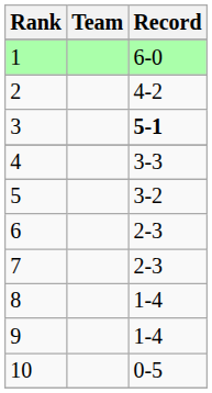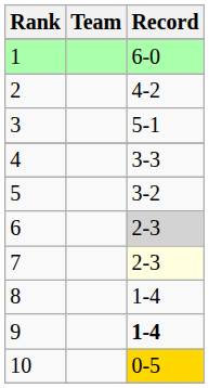 <table class="wikitable">
 <tr>
 <th>Rank</th>
 <th>Team</th>
 <th>Record</th>
 </tr>
 <tr>
 </tr>
 <tr bgcolor=#aaffaa>
 <td>1</td>
 <td></td>
 <td>6-0</td>
 </tr>
 <tr>
 </tr>
 <tr bgcolor=>
 <td>2</td>
 <td></td>
 <td>4-2</td>
 </tr>
 <tr>
 <td>3</td>
 <td></td>
-<td><strong>5-1</strong></td>
+<td>5-1</td>
 </tr>
 <tr>
 </tr>
 <tr bgcolor=>
 <td>4</td>
 <td></td>
 <td>3-3</td>
 </tr>
 <tr>
 </tr>
 <tr bgcolor=>
 <td>5</td>
 <td></td>
 <td>3-2</td>
 </tr>
 <tr>
 <td>6</td>
 <td></td>
-<td>2-3</td>
+<td style="background: lightgrey;">2-3</td>
 </tr>
 <tr>
 <td>7</td>
 <td></td>
-<td>2-3</td>
+<td style="background: lightyellow;">2-3</td>
 </tr>
 <tr>
 <td>8</td>
 <td></td>
 <td>1-4</td>
 </tr>
 <tr>
 <td>9</td>
 <td></td>
-<td>1-4</td>
+<td><strong>1-4</strong></td>
 </tr>
 <tr>
 <td>10</td>
 <td></td>
-<td>0-5</td>
+<td style="background: gold;">0-5</td>
 </tr>
 <tr>
 </tr>
 </table>
